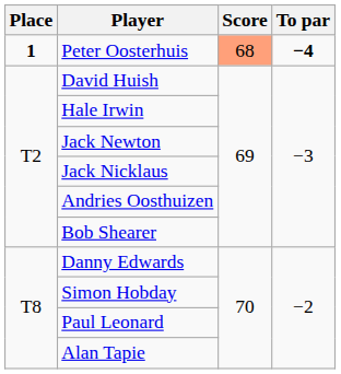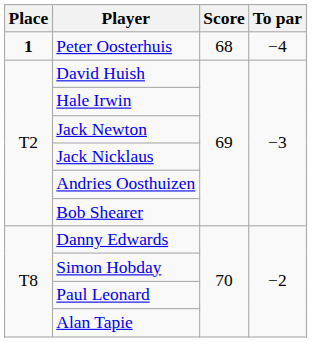 <table class="wikitable">
 <tr>
 <th>Place</th>
 <th>Player</th>
 <th>Score</th>
 <th>To par</th>
 </tr>
 <tr>
 <td align=center><strong>1</strong></td>
 <td> <a href='#'>Peter Oosterhuis</a></td>
-<td align=center style="background: lightsalmon;">68</td>
-<td align=center><strong>−4</strong></td>
+<td align=center>68</td>
+<td align=center>−4</td>
 </tr>
 <tr>
 <td rowspan="6" align=center>T2</td>
 <td> <a href='#'>David Huish</a></td>
 <td rowspan="6" align=center>69</td>
 <td rowspan="6" align=center>−3</td>
 </tr>
 <tr>
 <td> <a href='#'>Hale Irwin</a></td>
 </tr>
 <tr>
 <td> <a href='#'>Jack Newton</a></td>
 </tr>
 <tr>
 <td> <a href='#'>Jack Nicklaus</a></td>
 </tr>
 <tr>
 <td> <a href='#'>Andries Oosthuizen</a></td>
 </tr>
 <tr>
 <td> <a href='#'>Bob Shearer</a></td>
 </tr>
 <tr>
 <td rowspan="4" align=center>T8</td>
 <td> <a href='#'>Danny Edwards</a></td>
 <td rowspan="4" align=center>70</td>
 <td rowspan="4" align=center>−2</td>
 </tr>
 <tr>
 <td> <a href='#'>Simon Hobday</a></td>
 </tr>
 <tr>
 <td> <a href='#'>Paul Leonard</a></td>
 </tr>
 <tr>
 <td> <a href='#'>Alan Tapie</a></td>
 </tr>
 </table>
